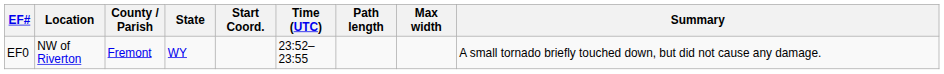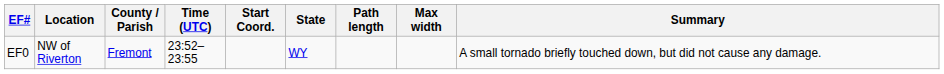 <table class="wikitable sortable" style="width:100%;">
 <tr>
 <th scope="col"  style="width:3%; text-align:center;"><a href='#'>EF#</a></th>
 <th scope="col"  style="width:7%; text-align:center;" class="unsortable">Location</th>
 <th scope="col"  style="width:6%; text-align:center;" class="unsortable">County / Parish</th>
+<th scope="col"  style="width:6%; text-align:center;">Time (<a href='#'>UTC</a>)</th>
+<th scope="col"  style="width:6%; text-align:center;">Start Coord.</th>
 <th scope="col"  style="width:5%; text-align:center;">State</th>
-<th scope="col"  style="width:6%; text-align:center;">Start Coord.</th>
-<th scope="col"  style="width:6%; text-align:center;">Time (<a href='#'>UTC</a>)</th>
 <th scope="col"  style="width:6%; text-align:center;">Path length</th>
 <th scope="col"  style="width:6%; text-align:center;">Max width</th>
 <th scope="col" class="unsortable" style="width:48%; text-align:center;">Summary</th>
 </tr>
 <tr>
 <td>EF0</td>
 <td>NW of <a href='#'>Riverton</a></td>
 <td><a href='#'>Fremont</a></td>
+<td>23:52–23:55</td>
+<td></td>
 <td><a href='#'>WY</a></td>
-<td></td>
-<td>23:52–23:55</td>
 <td></td>
 <td></td>
 <td>A small tornado briefly touched down, but did not cause any damage.</td>
 </tr>
 </table>
